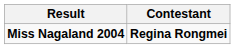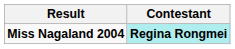 <table class="wikitable">
 <tr>
 <th>Result</th>
 <th>Contestant</th>
 </tr>
 <tr>
 <td><strong>Miss Nagaland 2004</strong></td>
-<td><strong>Regina Rongmei</strong></td>
+<td style="background: paleturquoise;"><strong>Regina Rongmei</strong></td>
 </tr>
 </table>
